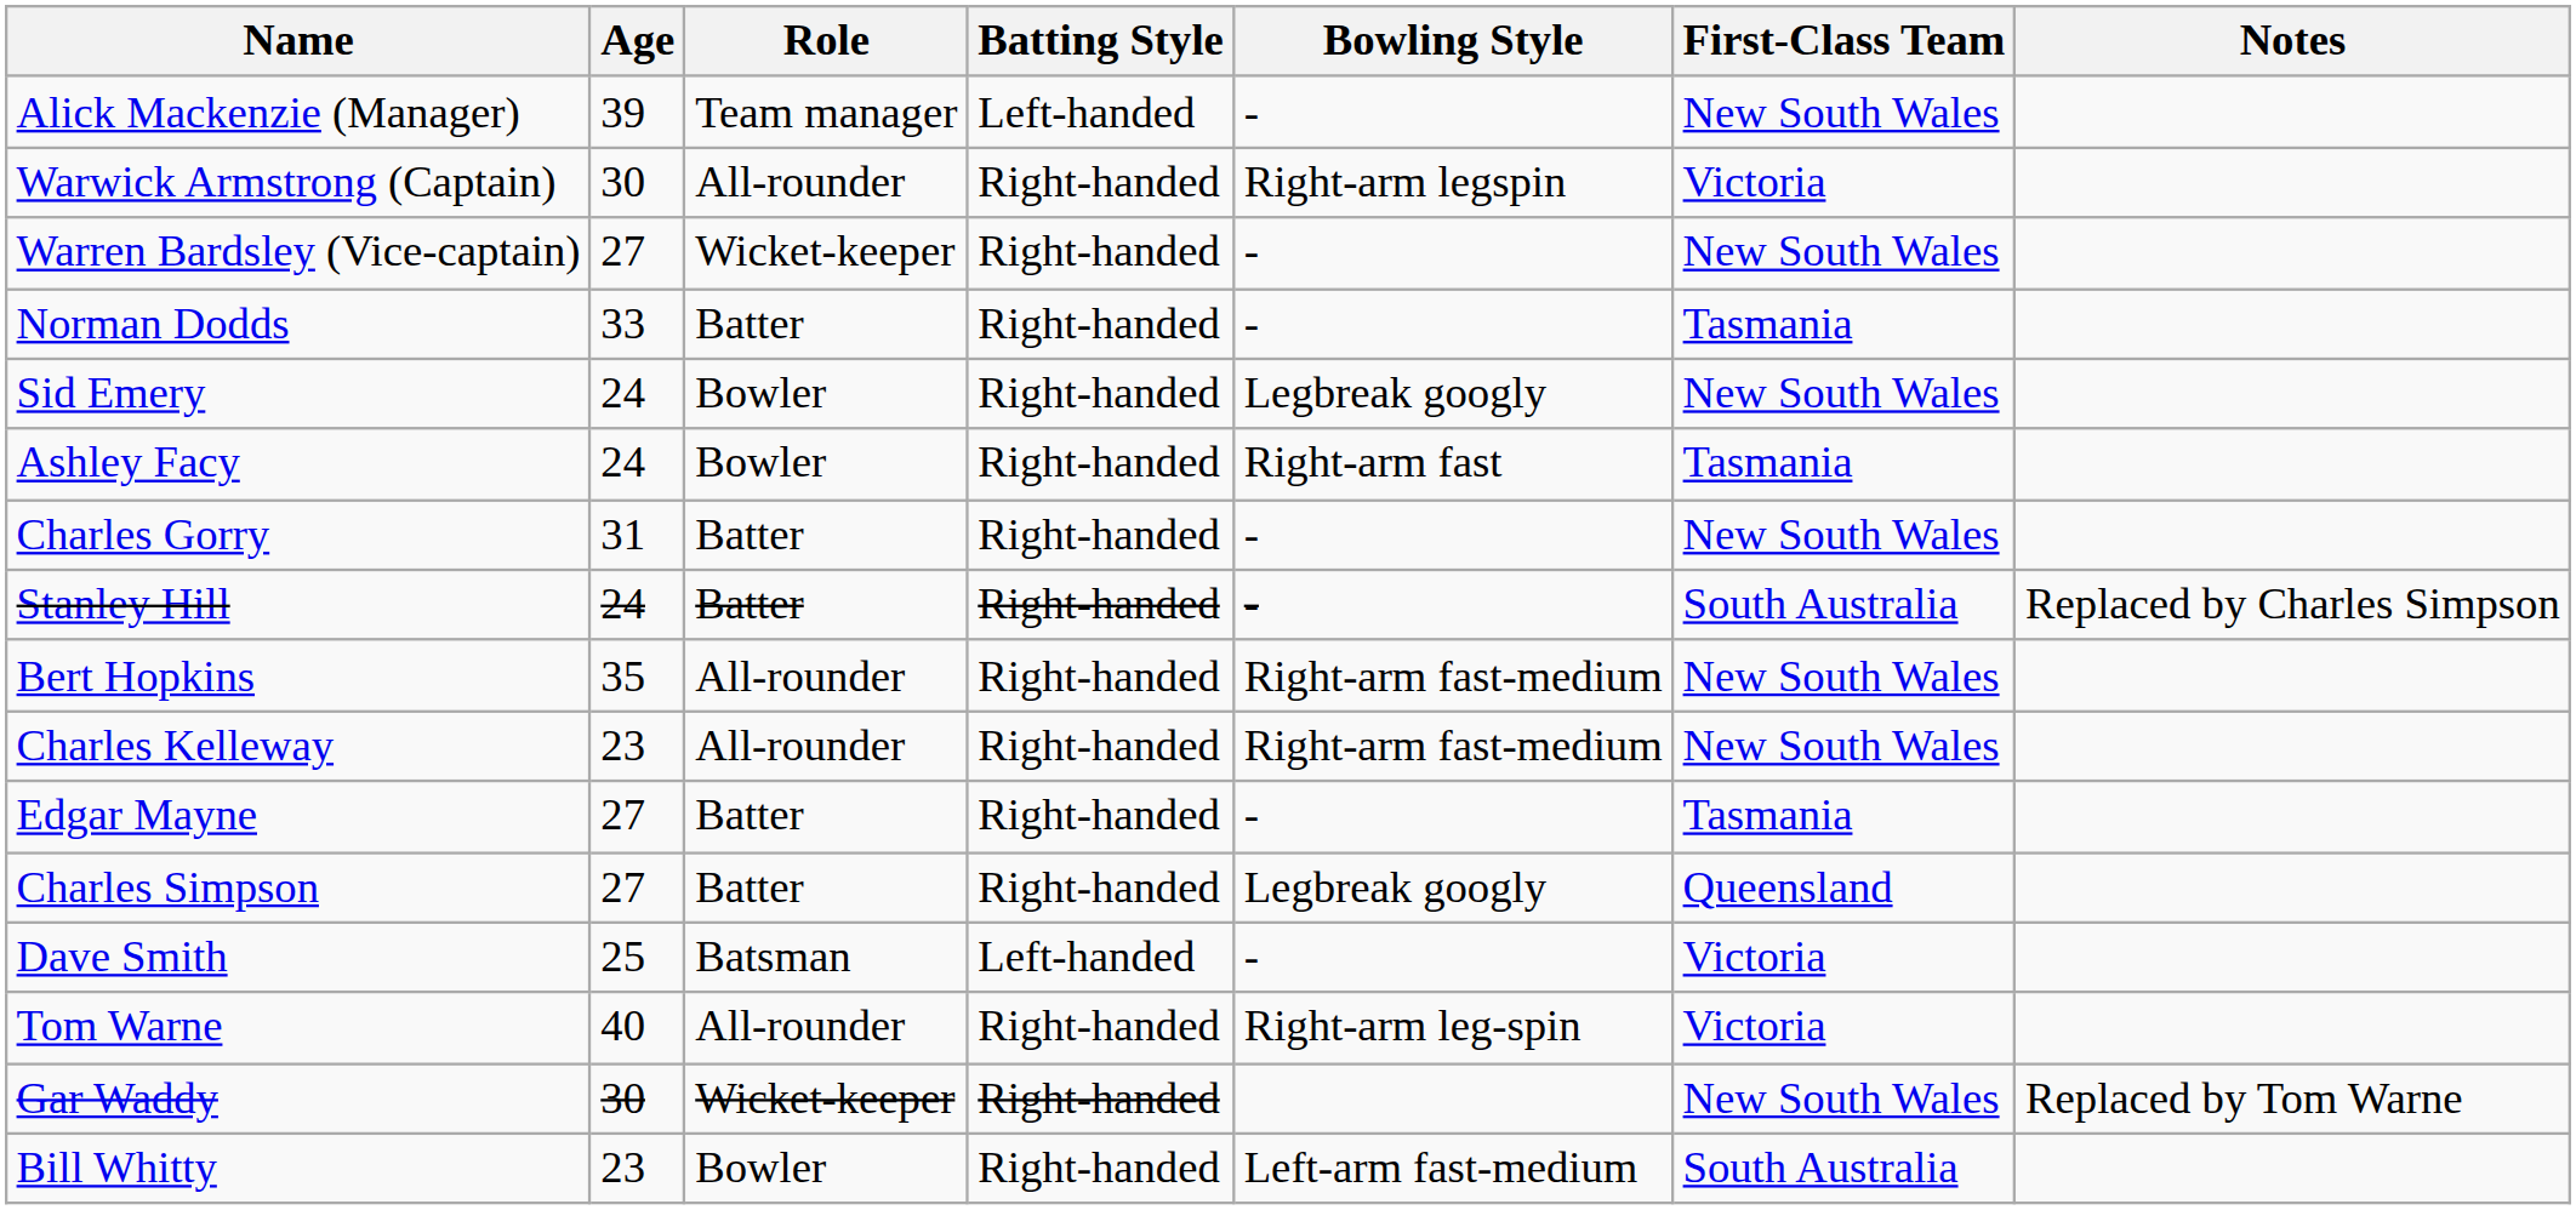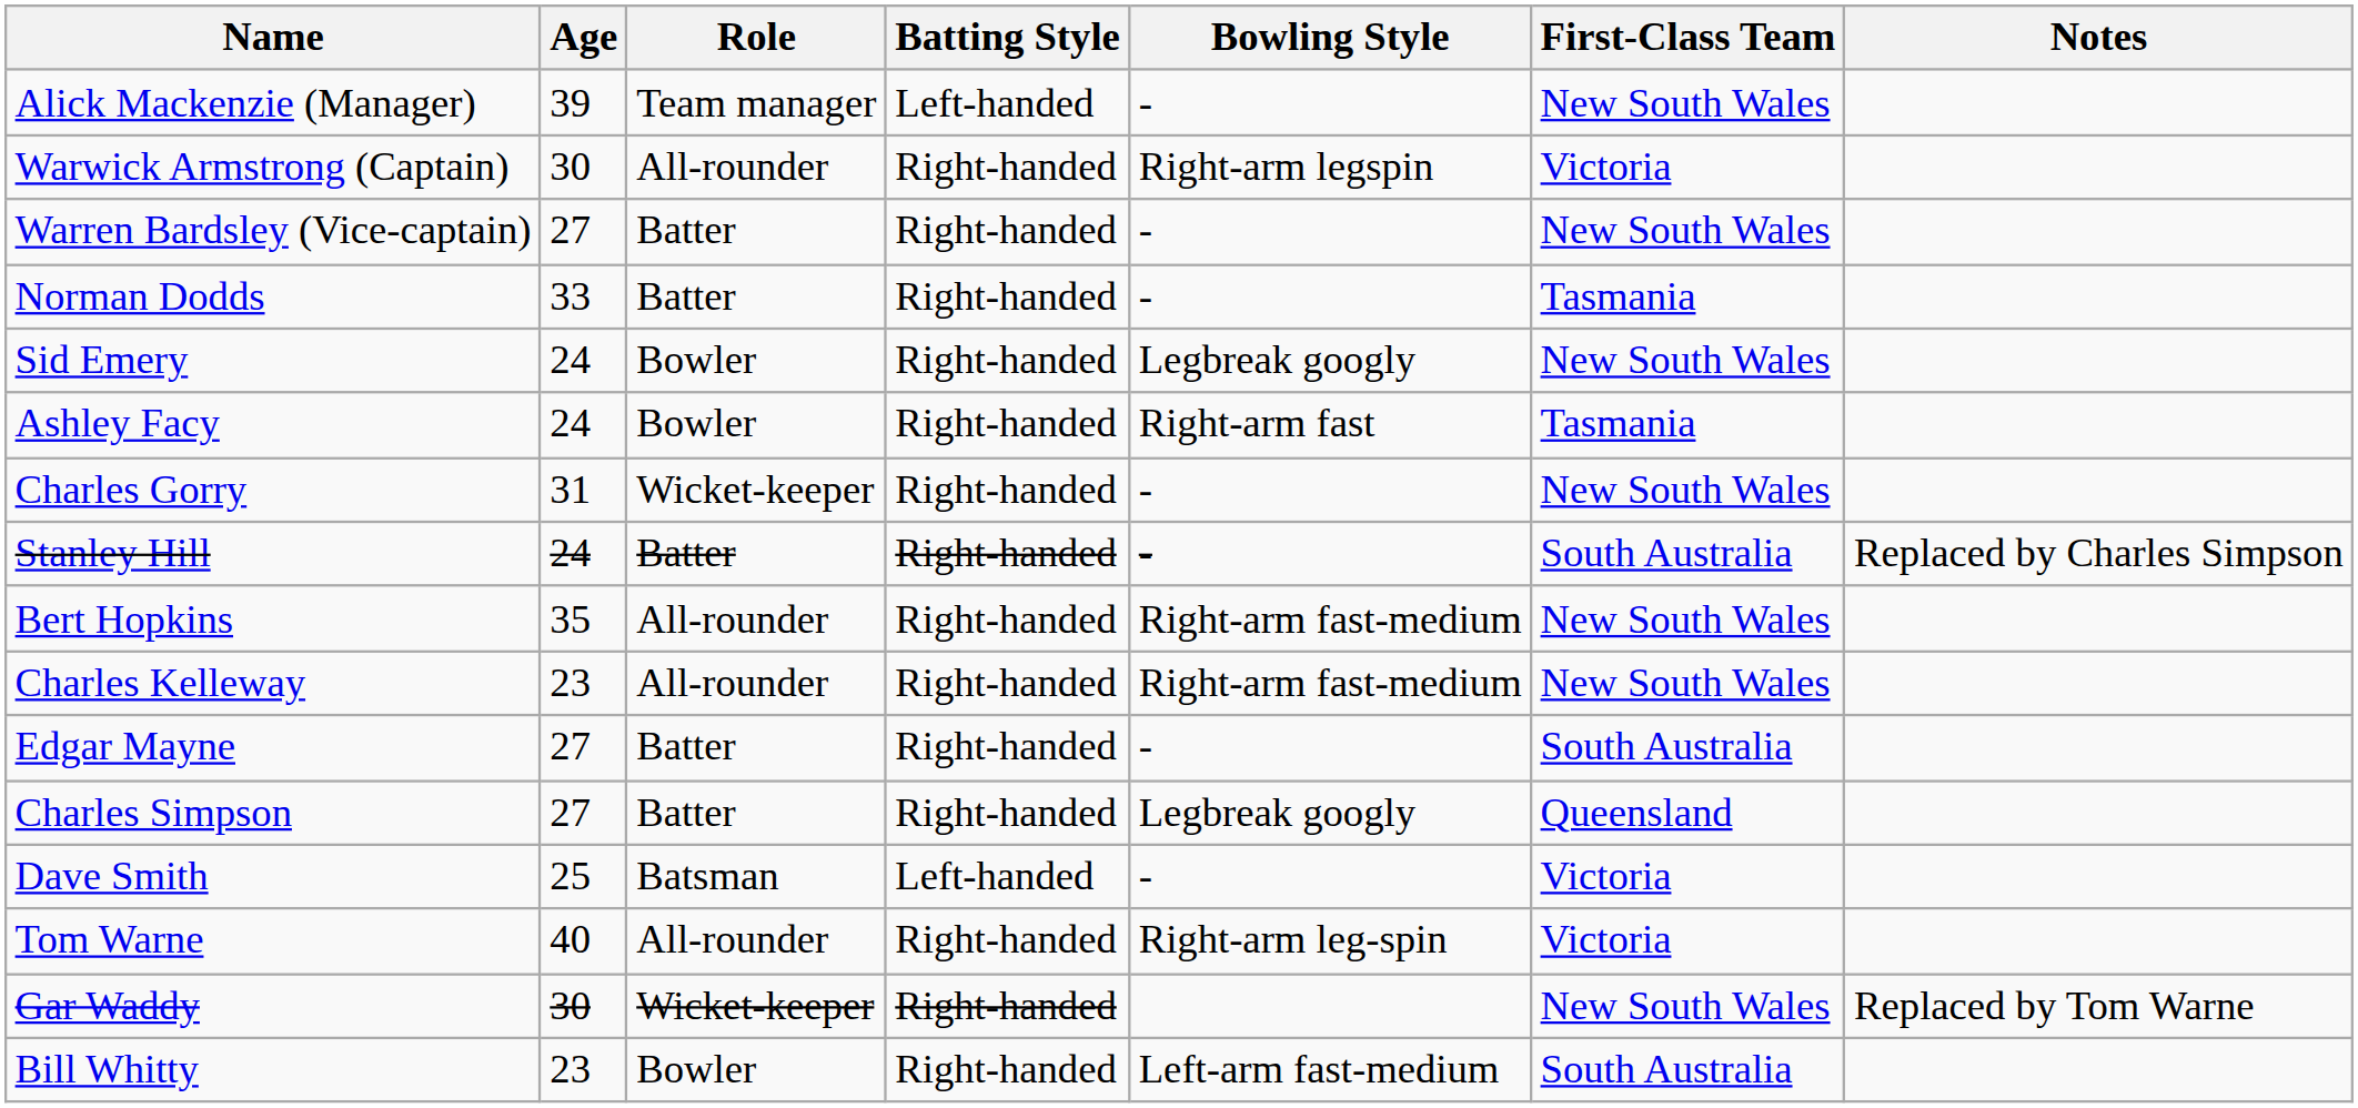 <table class="wikitable">
 <tr>
 <th>Name</th>
 <th>Age</th>
 <th>Role</th>
 <th>Batting Style</th>
 <th>Bowling Style</th>
 <th>First-Class Team</th>
 <th>Notes</th>
 </tr>
 <tr>
 <td><a href='#'>Alick Mackenzie</a> (Manager)</td>
 <td>39</td>
 <td>Team manager</td>
 <td>Left-handed</td>
 <td>-</td>
 <td> <a href='#'>New South Wales</a></td>
 <td></td>
 </tr>
 <tr>
 <td><a href='#'>Warwick Armstrong</a> (Captain)</td>
 <td>30</td>
 <td>All-rounder</td>
 <td>Right-handed</td>
 <td>Right-arm legspin</td>
 <td> <a href='#'>Victoria</a></td>
 <td></td>
 </tr>
 <tr>
 <td><a href='#'>Warren Bardsley</a> (Vice-captain)</td>
 <td>27</td>
-<td>Wicket-keeper</td>
+<td>Batter</td>
 <td>Right-handed</td>
 <td>-</td>
 <td> <a href='#'>New South Wales</a></td>
 <td></td>
 </tr>
 <tr>
 <td><a href='#'>Norman Dodds</a></td>
 <td>33</td>
 <td>Batter</td>
 <td>Right-handed</td>
 <td>-</td>
 <td> <a href='#'>Tasmania</a></td>
 <td></td>
 </tr>
 <tr>
 <td><a href='#'>Sid Emery</a></td>
 <td>24</td>
 <td>Bowler</td>
 <td>Right-handed</td>
 <td>Legbreak googly</td>
 <td> <a href='#'>New South Wales</a></td>
 <td></td>
 </tr>
 <tr>
 <td><a href='#'>Ashley Facy</a></td>
 <td>24</td>
 <td>Bowler</td>
 <td>Right-handed</td>
 <td>Right-arm fast</td>
 <td> <a href='#'>Tasmania</a></td>
 <td></td>
 </tr>
 <tr>
 <td><a href='#'>Charles Gorry</a></td>
 <td>31</td>
-<td>Batter</td>
+<td>Wicket-keeper</td>
 <td>Right-handed</td>
 <td>-</td>
 <td> <a href='#'>New South Wales</a></td>
 <td></td>
 </tr>
 <tr>
 <td><s><a href='#'>Stanley Hill</a></s></td>
 <td><s>24</s></td>
 <td><s>Batter</s></td>
 <td><s>Right-handed</s></td>
 <td><s>-</s></td>
 <td> <a href='#'>South Australia</a></td>
 <td>Replaced by Charles Simpson</td>
 </tr>
 <tr>
 <td><a href='#'>Bert Hopkins</a></td>
 <td>35</td>
 <td>All-rounder</td>
 <td>Right-handed</td>
 <td>Right-arm fast-medium</td>
 <td> <a href='#'>New South Wales</a></td>
 <td></td>
 </tr>
 <tr>
 <td><a href='#'>Charles Kelleway</a></td>
 <td>23</td>
 <td>All-rounder</td>
 <td>Right-handed</td>
 <td>Right-arm fast-medium</td>
 <td> <a href='#'>New South Wales</a></td>
 <td></td>
 </tr>
 <tr>
 <td><a href='#'>Edgar Mayne</a></td>
 <td>27</td>
 <td>Batter</td>
 <td>Right-handed</td>
 <td>-</td>
-<td> <a href='#'>Tasmania</a></td>
+<td> <a href='#'>South Australia</a></td>
 <td></td>
 </tr>
 <tr>
 <td><a href='#'>Charles Simpson</a></td>
 <td>27</td>
 <td>Batter</td>
 <td>Right-handed</td>
 <td>Legbreak googly</td>
 <td> <a href='#'>Queensland</a></td>
 <td></td>
 </tr>
 <tr>
 <td><a href='#'>Dave Smith</a></td>
 <td>25</td>
 <td>Batsman</td>
 <td>Left-handed</td>
 <td>-</td>
 <td> <a href='#'>Victoria</a></td>
 <td></td>
 </tr>
 <tr>
 <td><a href='#'>Tom Warne</a></td>
 <td>40</td>
 <td>All-rounder</td>
 <td>Right-handed</td>
 <td>Right-arm leg-spin</td>
 <td> <a href='#'>Victoria</a></td>
 <td></td>
 </tr>
 <tr>
 <td><a href='#'><s>Gar Waddy</s></a></td>
 <td><s>30</s></td>
 <td><s>Wicket-keeper</s></td>
 <td><s>Right-handed</s></td>
 <td></td>
 <td> <a href='#'>New South Wales</a></td>
 <td>Replaced by Tom Warne</td>
 </tr>
 <tr>
 <td><a href='#'>Bill Whitty</a></td>
 <td>23</td>
 <td>Bowler</td>
 <td>Right-handed</td>
 <td>Left-arm fast-medium</td>
 <td> <a href='#'>South Australia</a></td>
 <td></td>
 </tr>
 </table>
